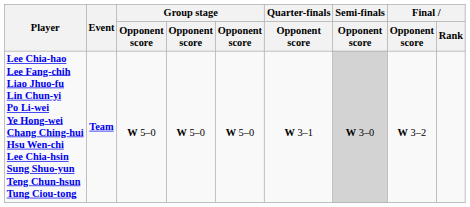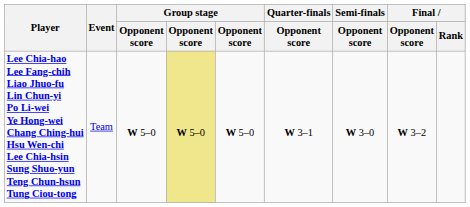 <table class="wikitable" style="font-size:90%; text-align:center">
 <tr>
 <th rowspan="2">Player</th>
 <th rowspan="2">Event</th>
 <th colspan="3">Group stage</th>
 <th>Quarter-finals</th>
 <th>Semi-finals</th>
 <th colspan="2">Final / </th>
 </tr>
 <tr>
 <th>Opponent<br>score</th>
 <th>Opponent<br>score</th>
 <th>Opponent<br>score</th>
 <th>Opponent<br>score</th>
 <th>Opponent<br>score</th>
 <th>Opponent<br>score</th>
 <th>Rank</th>
 </tr>
 <tr>
 <td align="left"><strong><a href='#'>Lee Chia-hao</a><br><a href='#'>Lee Fang-chih</a><br><a href='#'>Liao Jhuo-fu</a><br><a href='#'>Lin Chun-yi</a><br><a href='#'>Po Li-wei</a><br><a href='#'>Ye Hong-wei</a><br><a href='#'>Chang Ching-hui</a><br><a href='#'>Hsu Wen-chi</a><br><a href='#'>Lee Chia-hsin</a><br><a href='#'>Sung Shuo-yun</a><br><a href='#'>Teng Chun-hsun</a><br><a href='#'>Tung Ciou-tong</a></strong></td>
-<td><strong><a href='#'>Team</a></strong></td>
+<td><a href='#'>Team</a></td>
 <td><br><strong>W</strong> 5–0</td>
-<td><br><strong>W</strong> 5–0</td>
+<td style="background: khaki;"><br><strong>W</strong> 5–0</td>
 <td><br><strong>W</strong> 5–0</td>
 <td><br><strong>W</strong> 3–1</td>
-<td style="background: lightgrey;"><br><strong>W</strong> 3–0</td>
+<td><br><strong>W</strong> 3–0</td>
 <td><br><strong>W</strong> 3–2</td>
 <td></td>
 </tr>
 </table>
